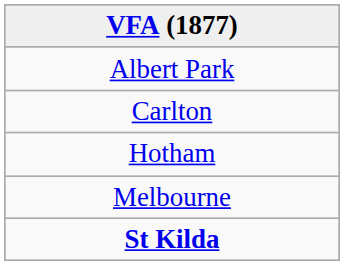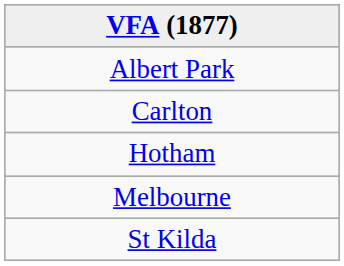 <table class="wikitable" style="text-align:center; width:200px; font-size:100%">
 <tr>
 <th colspan=2 style="background:#efefef;"><strong><a href='#'>VFA</a></strong> (1877)</th>
 </tr>
 <tr>
 <td><a href='#'>Albert Park</a></td>
 </tr>
 <tr>
 <td><a href='#'>Carlton</a></td>
 </tr>
 <tr>
 <td><a href='#'>Hotham</a></td>
 </tr>
 <tr>
 <td><a href='#'>Melbourne</a></td>
 </tr>
 <tr>
-<td><strong><a href='#'>St Kilda</a></strong></td>
+<td><a href='#'>St Kilda</a></td>
 </tr>
 </table>
